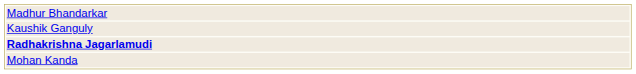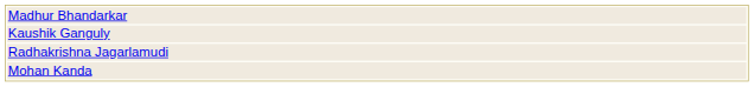 <table style="width:100%;border: 1px solid #BEB168;background-color:#FDFCF6;">
 <tr>
 <td style="background-color:#F0EADF;"> <a href='#'>Madhur Bhandarkar</a> </td>
 </tr>
 <tr>
 <td style="background-color:#F0EADF;"> <a href='#'>Kaushik Ganguly</a></td>
 </tr>
 <tr>
-<td style="background-color:#F0EADF;"><strong> <a href='#'>Radhakrishna Jagarlamudi</a></strong></td>
+<td style="background-color:#F0EADF;"> <a href='#'>Radhakrishna Jagarlamudi</a></td>
 </tr>
 <tr>
 <td style="background-color:#F0EADF;"> <a href='#'>Mohan Kanda</a></td>
 </tr>
 </table>
